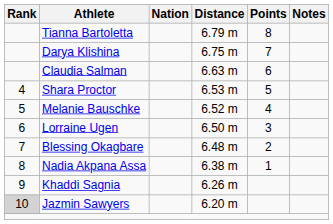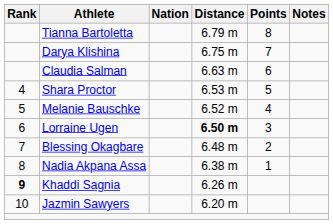 <table class="wikitable sortable" style="text-align:center;">
 <tr>
 <th scope="col" style="width: 10px;">Rank</th>
 <th scope="col">Athlete</th>
 <th scope="col">Nation</th>
 <th scope="col">Distance</th>
 <th scope="col">Points</th>
 <th scope="col">Notes</th>
 </tr>
 <tr>
 <td></td>
 <td align="left"><a href='#'>Tianna Bartoletta</a></td>
 <td align="left"></td>
 <td>6.79 m </td>
 <td>8</td>
 <td></td>
 </tr>
 <tr>
 <td></td>
 <td align="left"><a href='#'>Darya Klishina</a></td>
 <td align="left"></td>
 <td>6.75 m </td>
 <td>7</td>
 <td></td>
 </tr>
 <tr>
 <td></td>
 <td align="left"><a href='#'>Claudia Salman</a></td>
 <td align="left"></td>
 <td>6.63 m </td>
 <td>6</td>
 <td></td>
 </tr>
 <tr>
 <td>4</td>
 <td align="left"><a href='#'>Shara Proctor</a></td>
 <td align="left"></td>
 <td>6.53 m </td>
 <td>5</td>
 <td></td>
 </tr>
 <tr>
 <td>5</td>
 <td align="left"><a href='#'>Melanie Bauschke</a></td>
 <td align="left"></td>
 <td>6.52 m </td>
 <td>4</td>
 <td></td>
 </tr>
 <tr>
 <td>6</td>
 <td align="left"><a href='#'>Lorraine Ugen</a></td>
 <td align="left"></td>
-<td>6.50 m </td>
+<td><strong>6.50 m </strong></td>
 <td>3</td>
 <td></td>
 </tr>
 <tr>
 <td>7</td>
 <td align="left"><a href='#'>Blessing Okagbare</a></td>
 <td align="left"></td>
 <td>6.48 m </td>
 <td>2</td>
 <td></td>
 </tr>
 <tr>
 <td>8</td>
 <td align="left"><a href='#'>Nadia Akpana Assa</a></td>
 <td align="left"></td>
 <td>6.38 m </td>
 <td>1</td>
 <td></td>
 </tr>
 <tr>
-<td>9</td>
+<td><strong>9</strong></td>
 <td align="left"><a href='#'>Khaddi Sagnia</a></td>
 <td align="left"></td>
 <td>6.26 m </td>
 <td></td>
 <td></td>
 </tr>
 <tr>
-<td style="background: lightgrey;">10</td>
+<td>10</td>
 <td align="left"><a href='#'>Jazmin Sawyers</a></td>
 <td align="left"></td>
 <td>6.20 m </td>
 <td></td>
 <td></td>
 </tr>
 <tr class="sortbottom">
 <td colspan="6"></td>
 </tr>
 </table>
